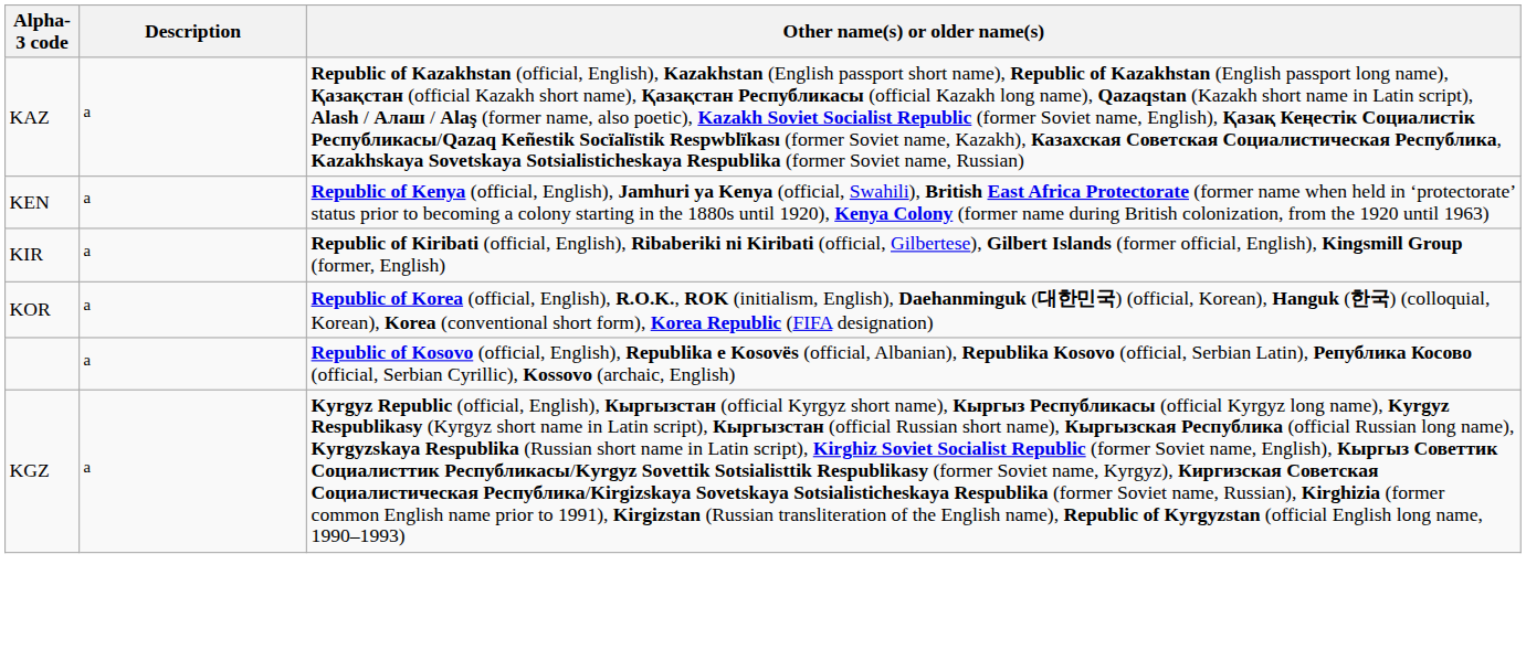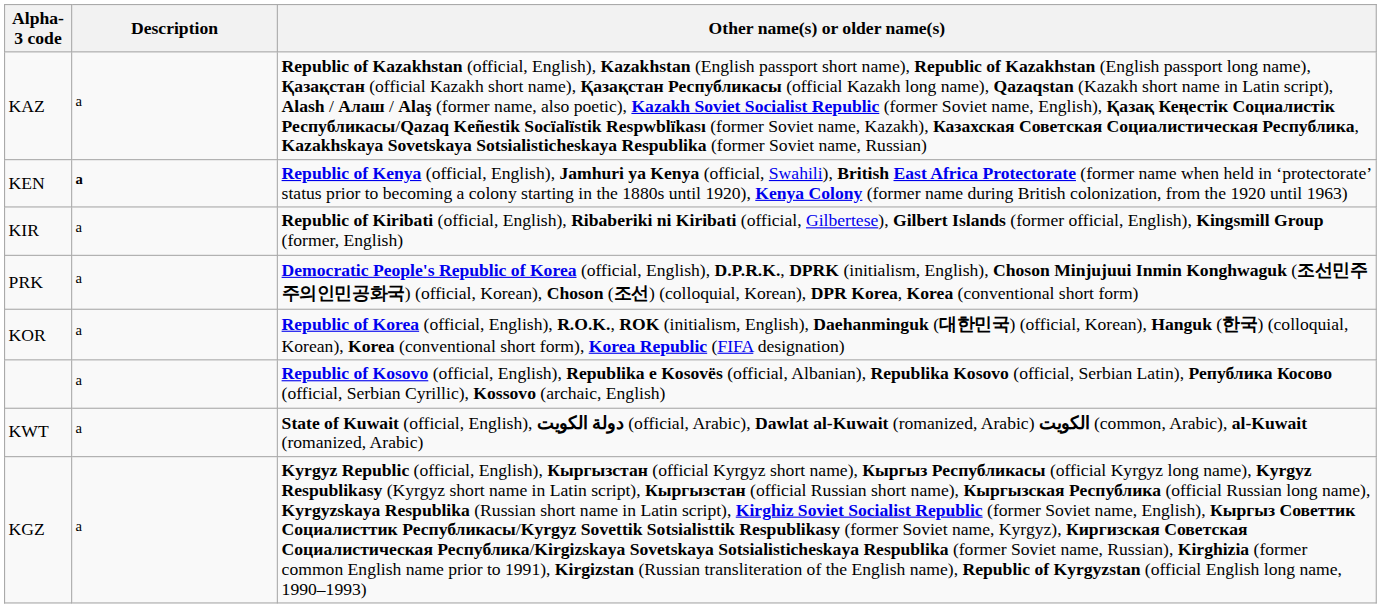 <table class="wikitable">
 <tr>
 <th>Alpha-3 code</th>
 <th width=180px>Description</th>
 <th>Other name(s) or older name(s)</th>
 </tr>
 <tr>
 <td>KAZ</td>
 <td><sup>a</sup></td>
 <td><strong>Republic of Kazakhstan</strong> (official, English), <strong>Kazakhstan</strong> (English passport short name), <strong>Republic of Kazakhstan</strong> (English passport long name), <strong>Қазақстан</strong> (official Kazakh short name), <strong>Қазақстан Республикасы</strong> (official Kazakh long name), <strong>Qazaqstan</strong> (Kazakh short name in Latin script), <strong>Alash</strong> / <strong>Алаш</strong> / <strong>Alaş</strong> (former name, also poetic), <strong><a href='#'>Kazakh Soviet Socialist Republic</a></strong> (former Soviet name, English),  <strong>Қазақ Кеңестік Социалистік Республикасы</strong>/<strong>Qazaq Keñestik Socïalïstik Respwblïkası</strong> (former Soviet name, Kazakh), <strong>Казахская Советская Социалистическая Республика</strong>, <strong>Kazakhskaya Sovetskaya Sotsialisticheskaya Respublika</strong> (former Soviet name, Russian)</td>
 </tr>
 <tr>
 <td>KEN</td>
-<td><sup>a</sup></td>
+<td><strong><sup>a</sup></strong></td>
 <td><strong><a href='#'>Republic of Kenya</a></strong> (official, English), <strong>Jamhuri ya Kenya</strong> (official, <a href='#'>Swahili</a>), <strong>British <a href='#'>East Africa Protectorate</a></strong> (former name when held in ‘protectorate’ status prior to becoming a colony starting in the 1880s until 1920), <strong><a href='#'>Kenya Colony</a></strong> (former name during British colonization, from the 1920 until 1963)</td>
 </tr>
 <tr>
 <td>KIR</td>
 <td><sup>a</sup></td>
 <td><strong>Republic of Kiribati</strong> (official, English), <strong>Ribaberiki ni Kiribati</strong> (official, <a href='#'>Gilbertese</a>), <strong>Gilbert Islands</strong> (former official, English), <strong>Kingsmill Group</strong> (former, English)</td>
+</tr>
+<tr>
+<td>PRK</td>
+<td><sup>a</sup></td>
+<td><strong><a href='#'>Democratic People's Republic of Korea</a></strong> (official, English), <strong>D.P.R.K.</strong>, <strong>DPRK</strong> (initialism, English), <strong>Choson Minjujuui Inmin Konghwaguk</strong> (<strong>조선민주주의인민공화국</strong>) (official, Korean), <strong>Choson</strong> (<strong>조선</strong>) (colloquial, Korean), <strong>DPR Korea</strong>, <strong>Korea</strong> (conventional short form)</td>
 </tr>
 <tr>
 <td>KOR</td>
 <td><sup>a</sup></td>
 <td><strong><a href='#'>Republic of Korea</a></strong> (official, English), <strong>R.O.K.</strong>, <strong>ROK</strong> (initialism, English), <strong>Daehanminguk</strong> (<strong>대한민국</strong>) (official, Korean), <strong>Hanguk</strong> (<strong>한국</strong>) (colloquial, Korean), <strong>Korea</strong> (conventional short form), <strong><a href='#'>Korea Republic</a></strong> (<a href='#'>FIFA</a> designation)</td>
 </tr>
 <tr>
 <td></td>
 <td><sup>a</sup></td>
 <td><strong><a href='#'>Republic of Kosovo</a></strong> (official, English), <strong>Republika e Kosovës</strong> (official, Albanian), <strong>Republika Kosovo</strong> (official, Serbian Latin), <strong>Република Косово</strong> (official, Serbian Cyrillic), <strong>Kossovo</strong> (archaic, English)</td>
 </tr>
 <tr>
+<td>KWT</td>
+<td><sup>a</sup></td>
+<td><strong>State of Kuwait</strong> (official, English), <strong>دولة الكويت‎</strong> (official, Arabic), <strong>Dawlat al-Kuwait</strong> (romanized, Arabic)  <strong>الكويت‎</strong> (common, Arabic), <strong>al-Kuwait</strong> (romanized, Arabic)</td>
+</tr>
+<tr>
 <td>KGZ</td>
 <td><sup>a</sup></td>
 <td><strong>Kyrgyz Republic</strong> (official, English), <strong>Кыргызстан</strong> (official Kyrgyz short name), <strong>Кыргыз Республикасы</strong> (official Kyrgyz long name), <strong>Kyrgyz Respublikasy</strong> (Kyrgyz short name in Latin script), <strong>Кыргызстан</strong> (official Russian short name), <strong>Кыргызская Республика</strong> (official Russian long name), <strong>Kyrgyzskaya Respublika</strong> (Russian short name in Latin script), <strong><a href='#'>Kirghiz Soviet Socialist Republic</a></strong> (former Soviet name, English), <strong>Кыргыз Советтик Социалисттик Республикасы</strong>/<strong>Kyrgyz Sovettik Sotsialisttik Respublikasy</strong> (former Soviet name, Kyrgyz), <strong> Киргизская Советская Социалистическая Республика</strong>/<strong>Kirgizskaya Sovetskaya Sotsialisticheskaya Respublika</strong> (former Soviet name, Russian), <strong>Kirghizia</strong> (former common English name prior to 1991), <strong>Kirgizstan</strong> (Russian transliteration of the English name), <strong>Republic of Kyrgyzstan</strong> (official English long name, 1990–1993)</td>
 </tr>
 </table>
